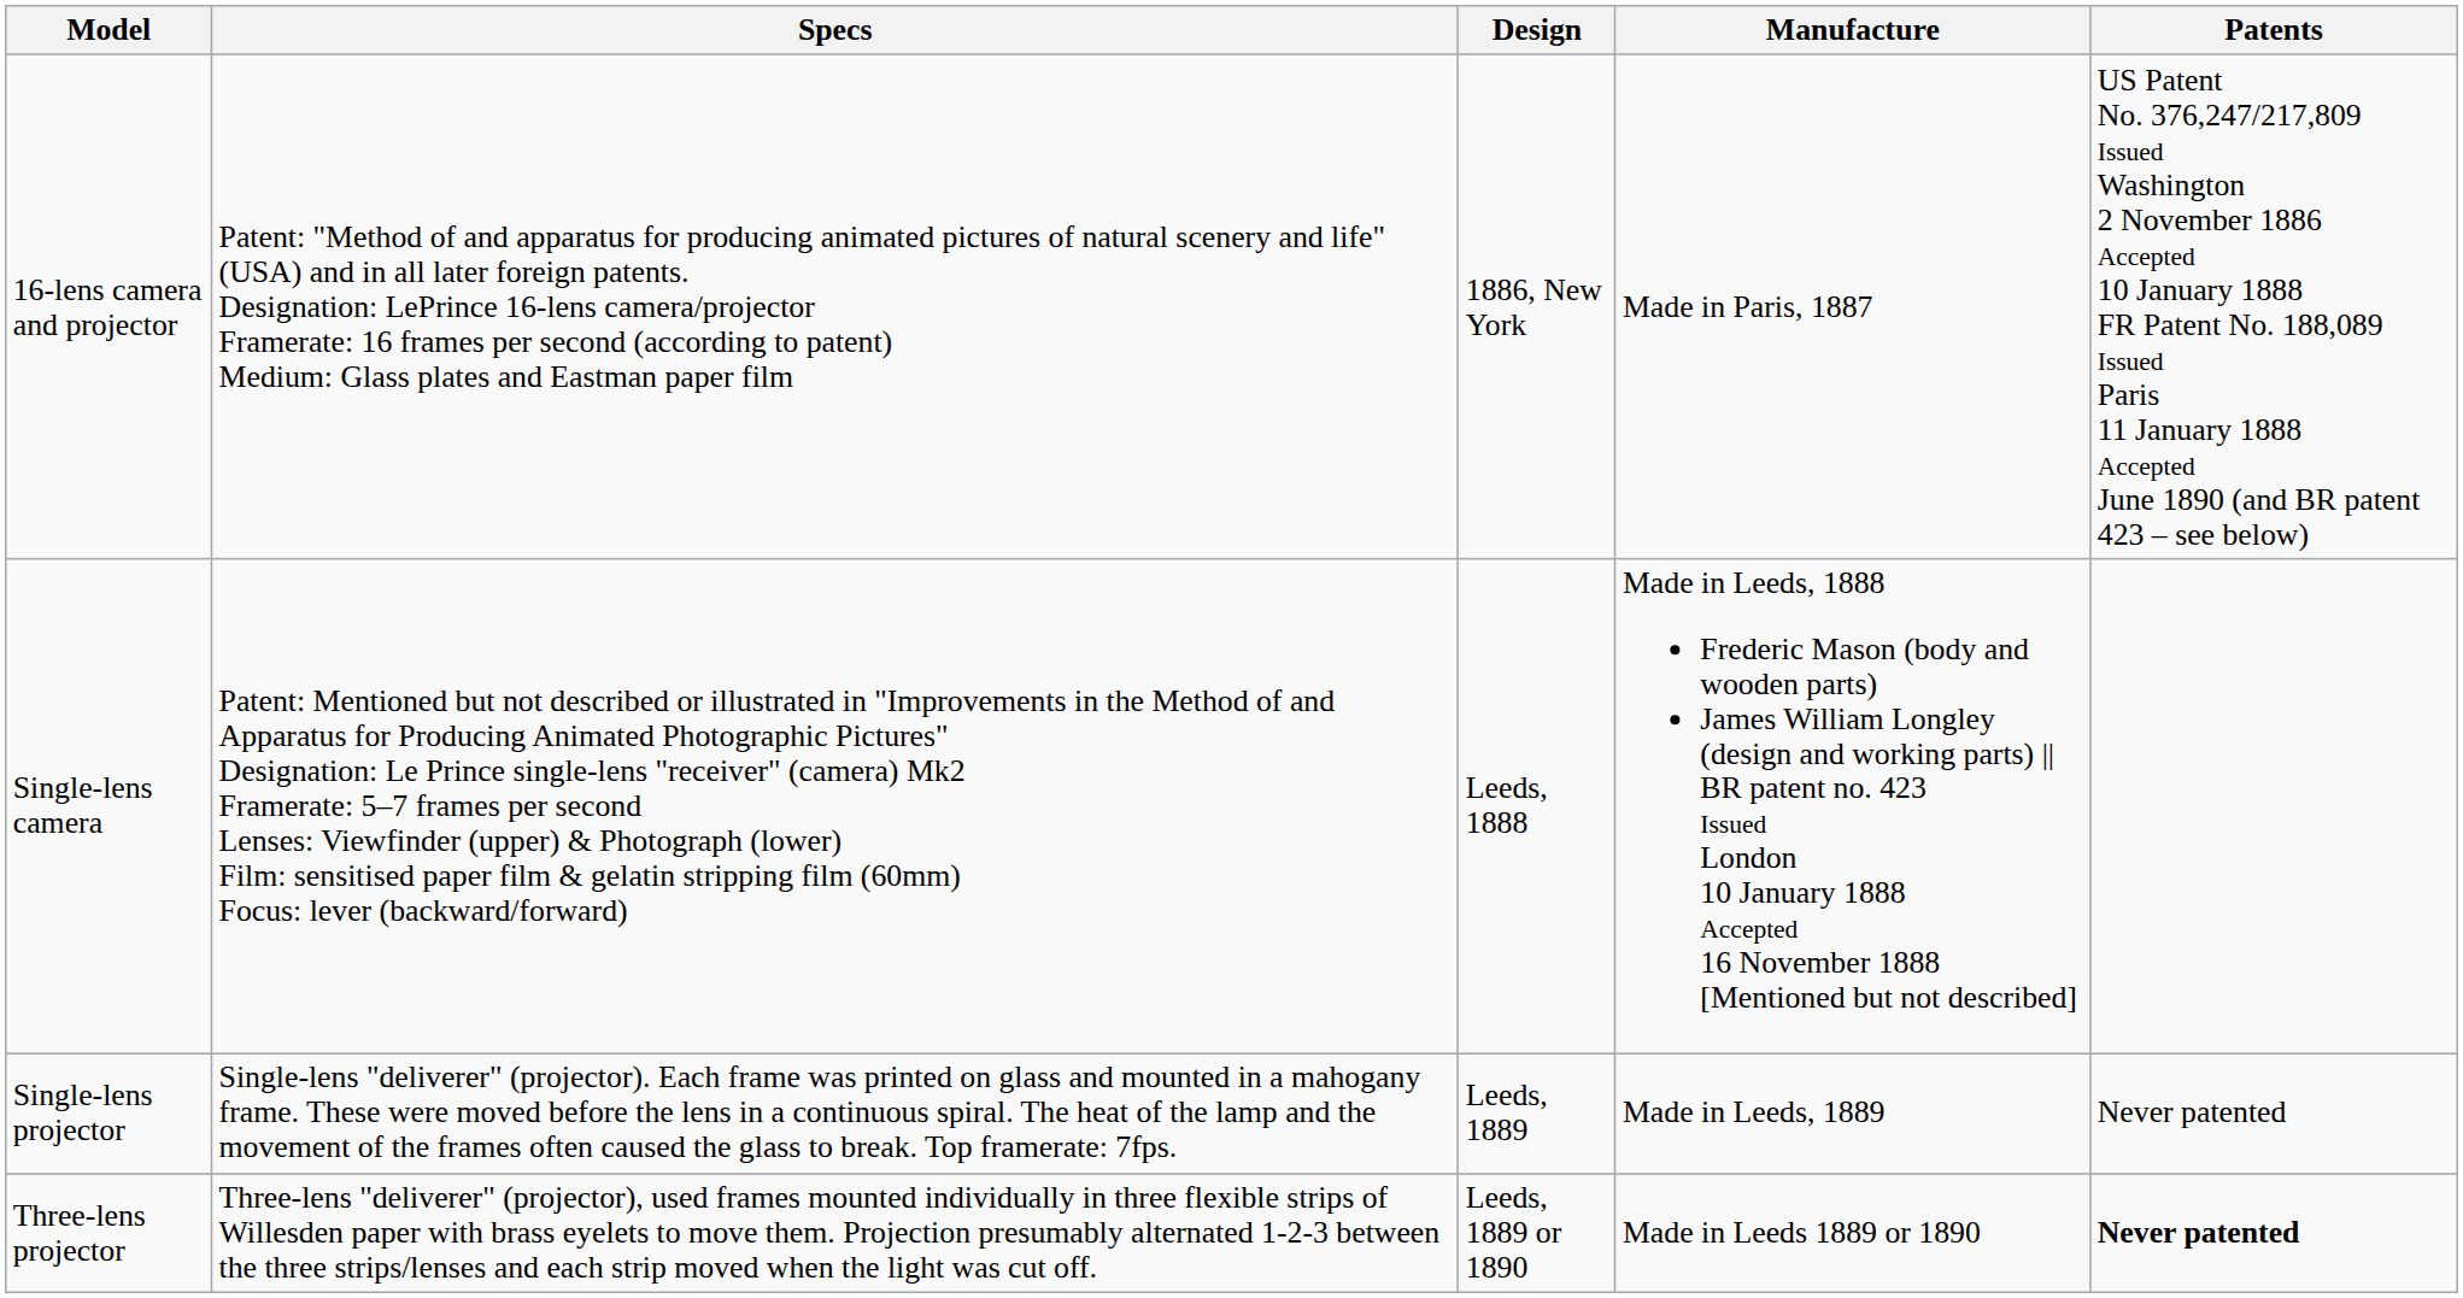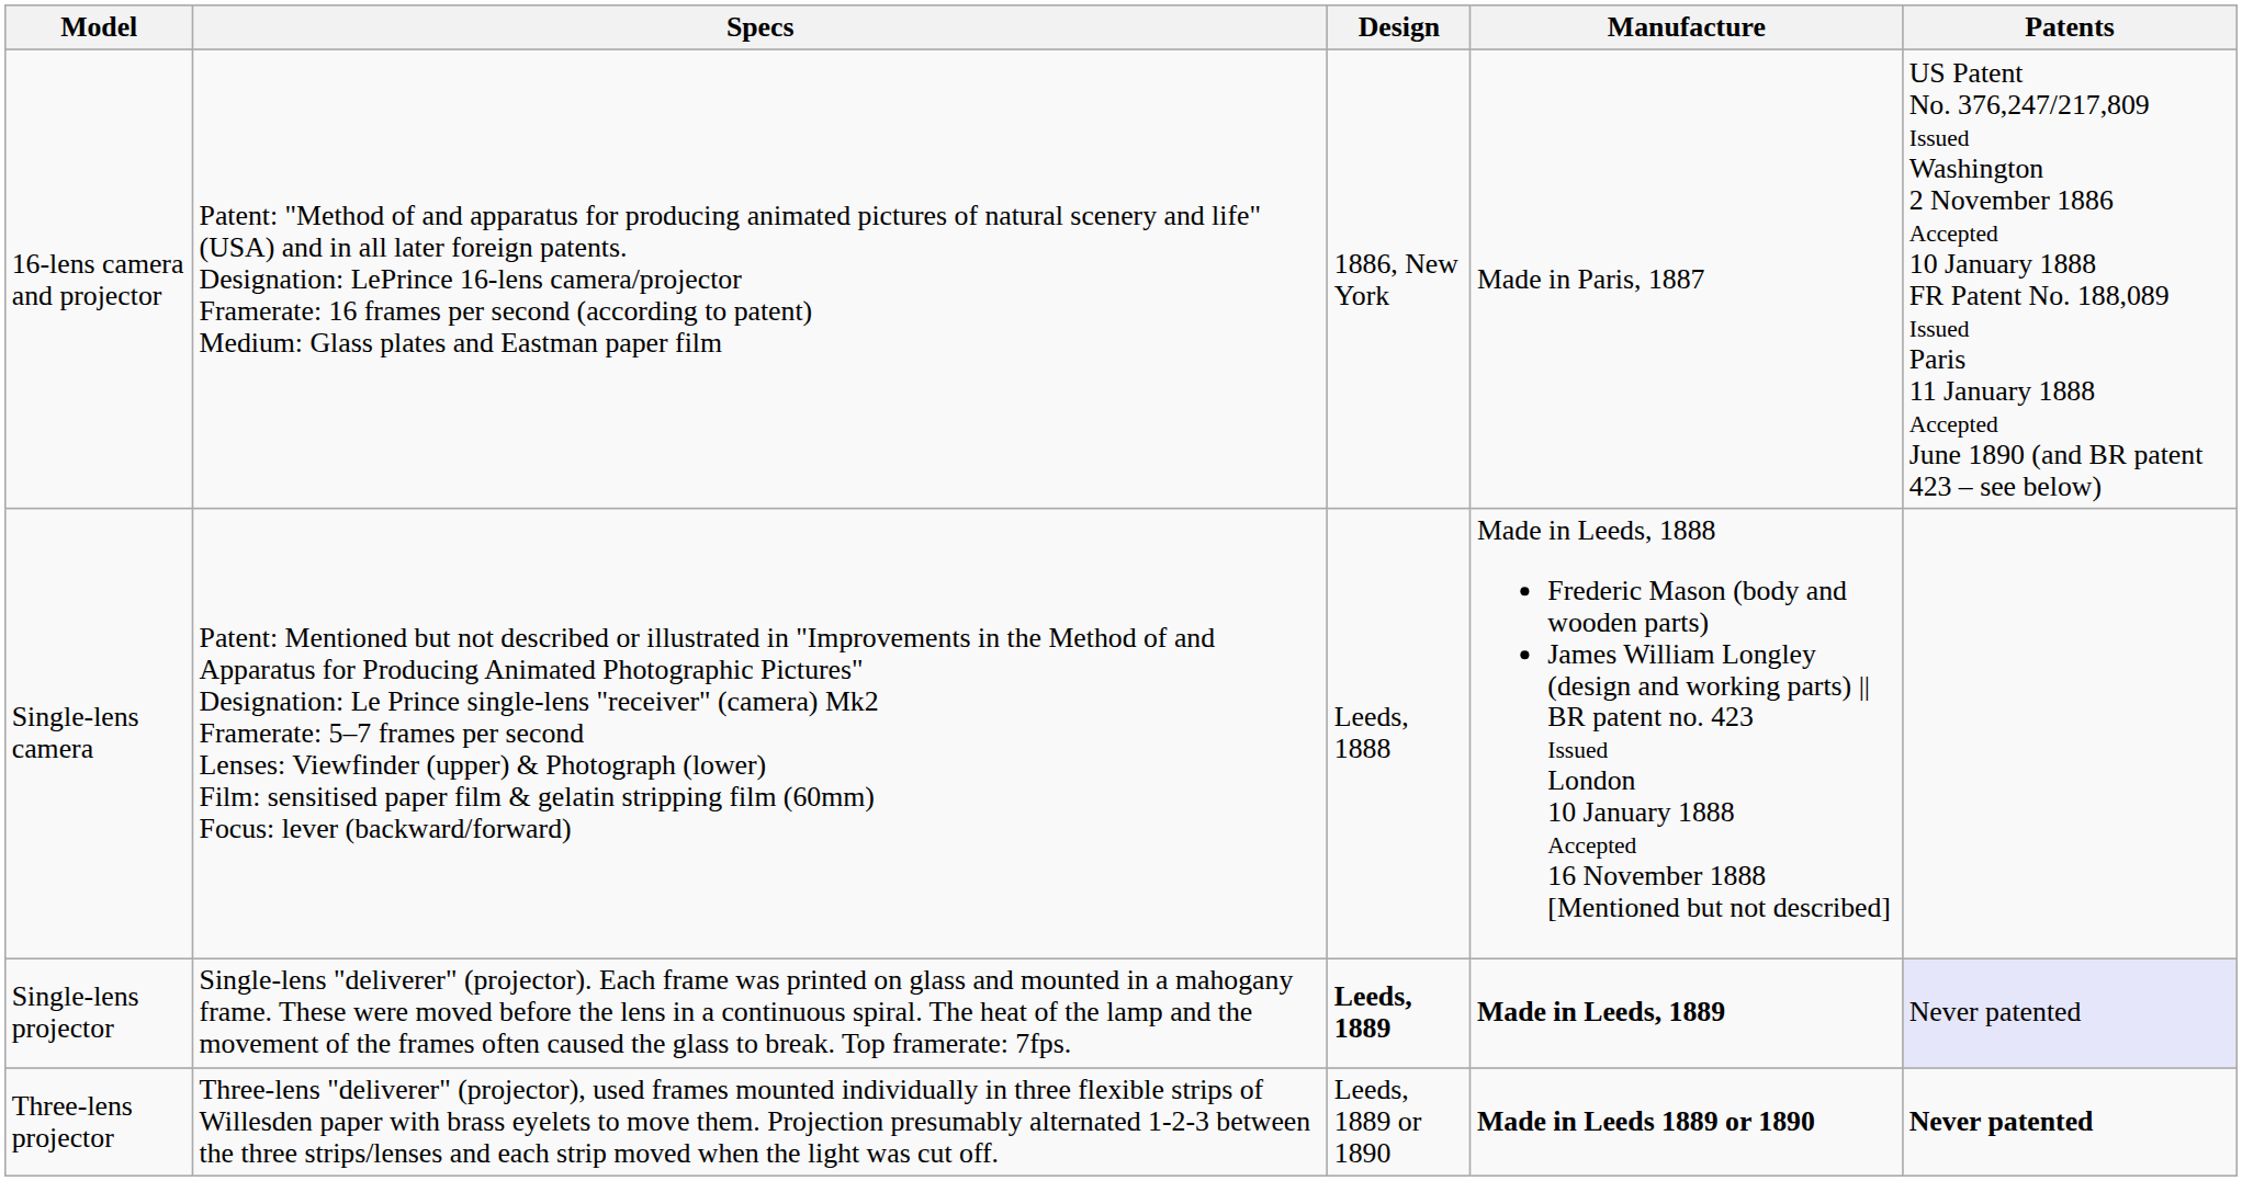 <table class="wikitable" style="margin:0.2em auto">
 <tr>
 <th>Model</th>
 <th>Specs</th>
 <th>Design</th>
 <th>Manufacture</th>
 <th>Patents</th>
 </tr>
 <tr>
 <td>16-lens camera and projector</td>
 <td>Patent: "Method of and apparatus for producing animated pictures of natural scenery and life" (USA) and in all later foreign patents.<br>Designation: LePrince 16-lens camera/projector <br>Framerate: 16 frames per second (according to patent)<br>Medium: Glass plates and Eastman paper film</td>
 <td>1886, New York</td>
 <td>Made in Paris, 1887</td>
 <td>US Patent No. 376,247/217,809<br><small>Issued</small><br> Washington<br>2 November 1886<br><small>Accepted</small><br>10 January 1888<br>FR Patent No. 188,089<br><small>Issued</small><br> Paris<br>11 January 1888<br><small>Accepted</small><br>June 1890 (and BR patent 423 – see below)</td>
 </tr>
 <tr>
 <td>Single-lens camera</td>
 <td>Patent: Mentioned but not described or illustrated in "Improvements in the Method of and Apparatus for Producing Animated Photographic Pictures"<br>Designation: Le Prince single-lens "receiver" (camera) Mk2<br>Framerate: 5–7 frames per second<br>Lenses: Viewfinder (upper) & Photograph (lower)<br>Film: sensitised paper film & gelatin stripping film (60mm)<br>Focus: lever (backward/forward)</td>
 <td>Leeds, 1888</td>
 <td>Made in Leeds, 1888<br><ul><li>Frederic Mason (body and wooden parts)</li><li>James William Longley (design and working parts) || BR patent no. 423<br><small>Issued</small><br> London<br>10 January 1888<br><small>Accepted</small><br>16 November 1888 [Mentioned but not described]</li></ul></td>
 </tr>
 <tr>
 <td>Single-lens projector </td>
 <td>Single-lens "deliverer" (projector). Each frame was printed on glass and mounted in a mahogany frame. These were moved before the lens in a continuous spiral. The heat of the lamp and the movement of the frames often caused the glass to break. Top framerate: 7fps.</td>
-<td>Leeds, 1889</td>
-<td>Made in Leeds, 1889</td>
-<td>Never patented</td>
+<td><strong>Leeds, 1889</strong></td>
+<td><strong>Made in Leeds, 1889</strong></td>
+<td style="background: lavender;">Never patented</td>
 </tr>
 <tr>
 <td>Three-lens projector </td>
 <td>Three-lens "deliverer" (projector), used frames mounted individually in three flexible strips of Willesden paper with brass eyelets to move them. Projection presumably alternated 1-2-3 between the three strips/lenses and each strip moved when the light was cut off.</td>
 <td>Leeds, 1889 or 1890</td>
-<td>Made in Leeds 1889 or 1890</td>
+<td><strong>Made in Leeds 1889 or 1890</strong></td>
 <td><strong>Never patented</strong></td>
 </tr>
 </table>
